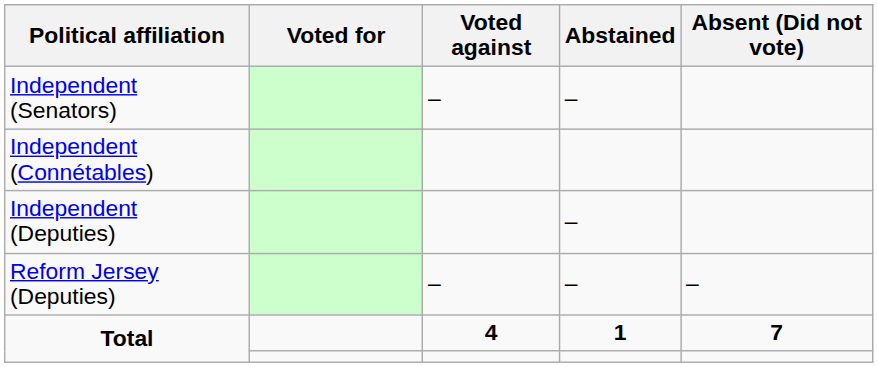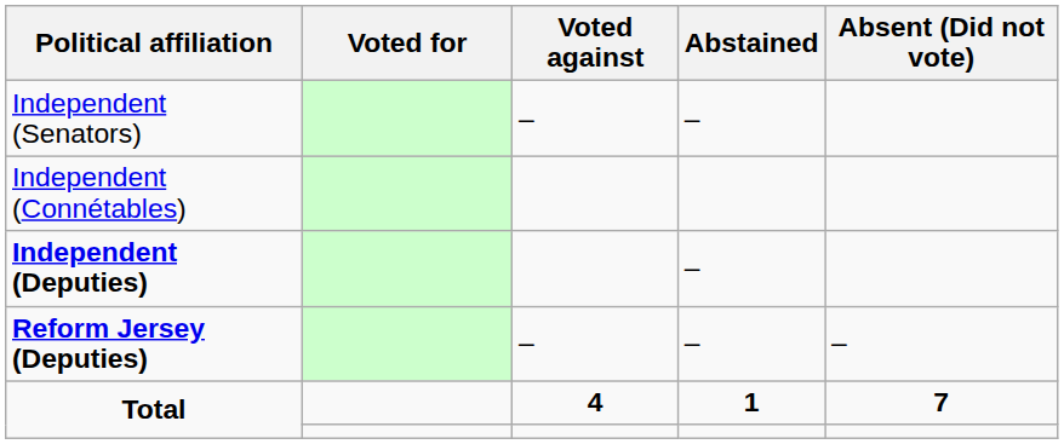 <table class="wikitable">
 <tr>
 <th>Political affiliation</th>
 <th style="width:20%;">Voted for</th>
 <th>Voted against</th>
 <th>Abstained</th>
 <th>Absent (Did not vote)</th>
 </tr>
 <tr>
 <td> <a href='#'>Independent</a> (Senators)</td>
 <td style="background-color:#CCFFCC;"></td>
 <td>–</td>
 <td>–</td>
 <td></td>
 </tr>
 <tr>
 <td> <a href='#'>Independent</a> (<a href='#'>Connétables</a>)</td>
 <td style="background-color:#CCFFCC;"></td>
 <td></td>
 <td></td>
 <td></td>
 </tr>
 <tr>
-<td> <a href='#'>Independent</a> (Deputies)</td>
+<td><strong> <a href='#'>Independent</a> (Deputies)</strong></td>
 <td style="background-color:#CCFFCC;"></td>
 <td></td>
 <td>–</td>
 <td></td>
 </tr>
 <tr>
-<td> <a href='#'>Reform Jersey</a> (Deputies)</td>
+<td><strong> <a href='#'>Reform Jersey</a> (Deputies)</strong></td>
 <td style="background-color:#CCFFCC;"></td>
 <td>–</td>
 <td>–</td>
 <td>–</td>
 </tr>
 <tr>
 <td style="text-align:center;" rowspan="2"><strong>Total</strong></td>
 <td></td>
 <td style="text-align:center;"><strong>4</strong></td>
 <td style="text-align:center;"><strong>1</strong></td>
 <td style="text-align:center;"><strong>7</strong></td>
 </tr>
 <tr>
 <td style="text-align:center;"></td>
 <td style="text-align:center;"></td>
 <td style="text-align:center;"></td>
 <td style="text-align:center;"></td>
 </tr>
 </table>
